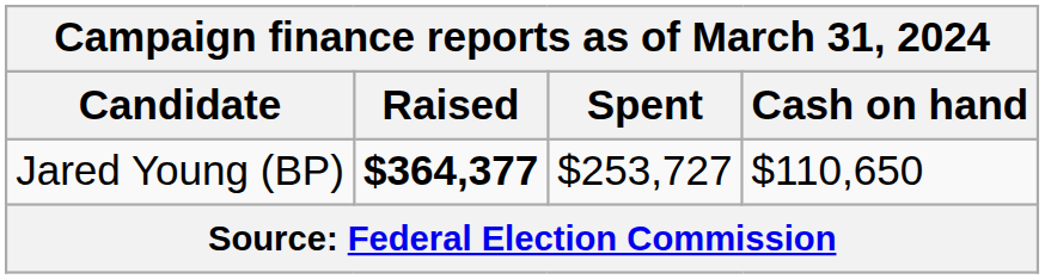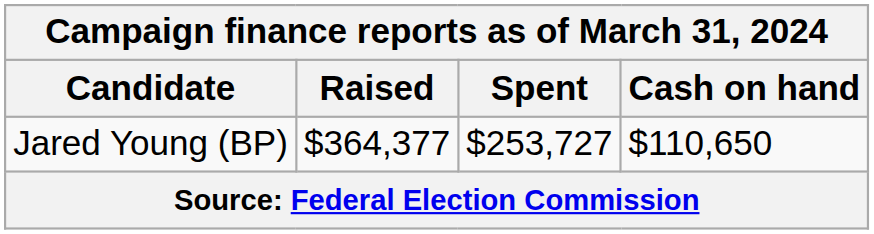 <table class="wikitable sortable">
 <tr>
 <th colspan=4>Campaign finance reports as of March 31, 2024</th>
 </tr>
 <tr style="text-align:center;">
 <th>Candidate</th>
 <th>Raised</th>
 <th>Spent</th>
 <th>Cash on hand</th>
 </tr>
 <tr>
 <td>Jared Young (BP)</td>
-<td><strong>$364,377</strong></td>
+<td>$364,377</td>
 <td>$253,727</td>
 <td>$110,650</td>
 </tr>
 <tr>
 <th colspan="4"><small>Source: <a href='#'>Federal Election Commission</a></small></th>
 </tr>
 </table>
